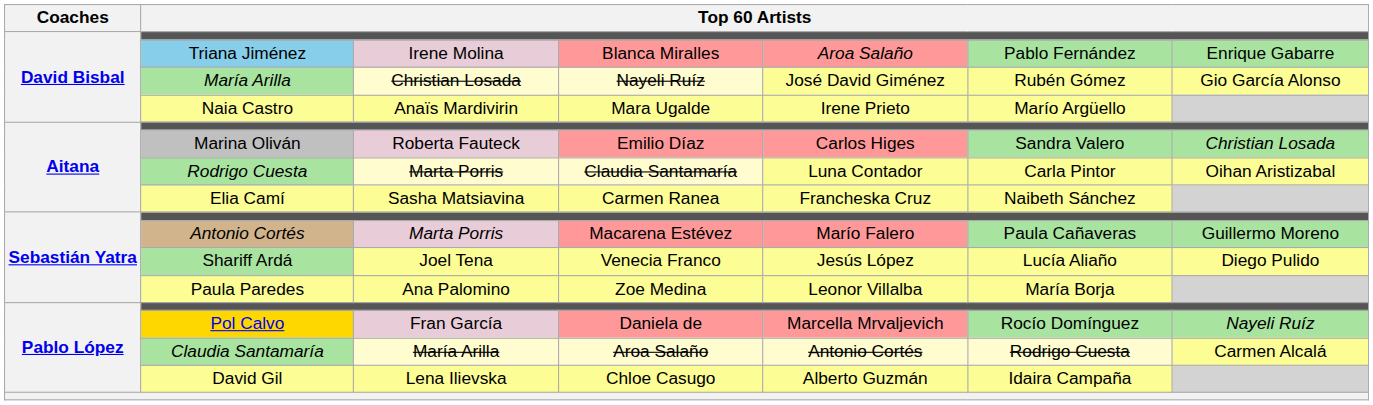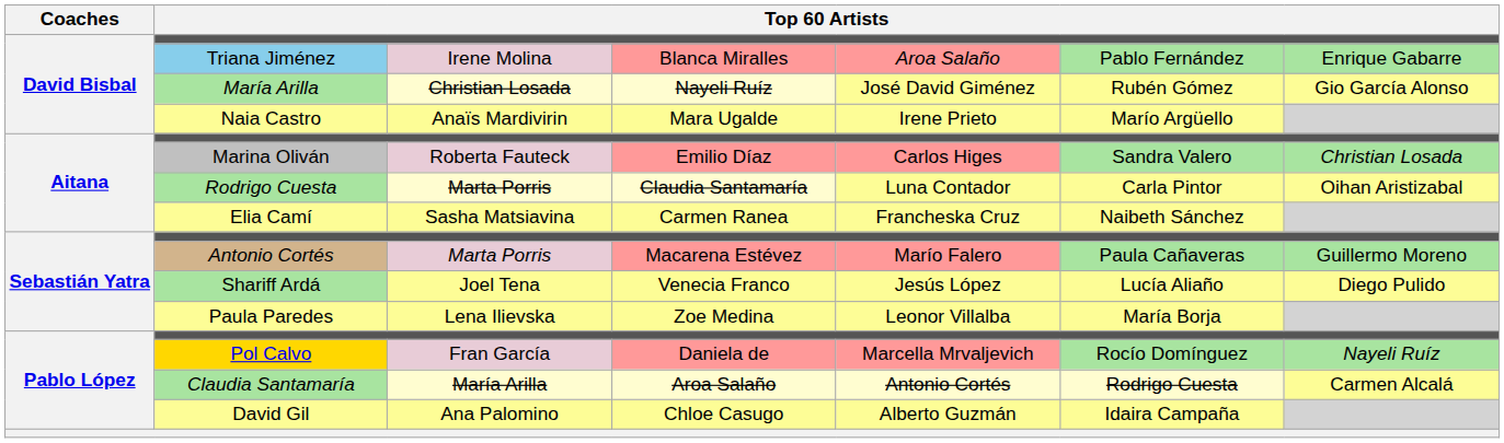 <table class="wikitable" style="text-align:center; width:100%;">
 <tr>
 <th scope="col" style="width:10%">Coaches</th>
 <th colspan="6" style="width:90%">Top 60 Artists</th>
 </tr>
 <tr>
 <th rowspan="4"><a href='#'>David Bisbal</a></th>
 <td colspan="6" style="background:#555"></td>
 </tr>
 <tr>
 <td style="background:skyblue">Triana Jiménez</td>
 <td style="background:#E8CCD7">Irene Molina</td>
 <td style="background:#FF9999">Blanca Miralles</td>
 <td style="background:#FF9999"><em>Aroa Salaño</em></td>
 <td style="background:#A8E4A0">Pablo Fernández</td>
 <td style="background:#A8E4A0">Enrique Gabarre</td>
 </tr>
 <tr>
 <td style="background:#A8E4A0"><em>María Arilla</em></td>
 <td style="background:#FFFDD0"><s>Christian Losada</s></td>
 <td style="background:#FFFDD0"><s>Nayeli Ruíz</s></td>
 <td style="background:#FDFD96">José David Giménez</td>
 <td style="background:#FDFD96">Rubén Gómez</td>
 <td style="background:#FDFD96">Gio García Alonso</td>
 </tr>
 <tr>
 <td style="background:#FDFD96">Naia Castro</td>
 <td style="width:15%; background:#FDFD96">Anaïs Mardivirin</td>
 <td style="width:15%; background:#FDFD96">Mara Ugalde</td>
 <td style="background:#FDFD96">Irene Prieto</td>
 <td style="background:#FDFD96">Marío Argüello</td>
 <td style="background:lightgrey"></td>
 </tr>
 <tr>
 <th rowspan="4"><a href='#'>Aitana</a></th>
 <td colspan="6" style="background:#555"></td>
 </tr>
 <tr>
 <td style="background:silver">Marina Oliván</td>
 <td style="background:#E8CCD7">Roberta Fauteck</td>
 <td style="background:#FF9999">Emilio Díaz</td>
 <td style="background:#FF9999">Carlos Higes</td>
 <td style="background:#A8E4A0">Sandra Valero</td>
 <td style="background:#A8E4A0"><em>Christian Losada</em></td>
 </tr>
 <tr>
 <td style="background:#A8E4A0"><em>Rodrigo Cuesta</em></td>
 <td style="background:#FFFDD0"><s>Marta Porris</s></td>
 <td style="background:#FFFDD0"><s>Claudia Santamaría</s></td>
 <td style="background:#FDFD96">Luna Contador</td>
 <td style="background:#FDFD96">Carla Pintor</td>
 <td style="background:#FDFD96">Oihan Aristizabal</td>
 </tr>
 <tr>
 <td style="background:#FDFD96">Elia Camí</td>
 <td style="background:#FDFD96">Sasha Matsiavina</td>
 <td style="background:#FDFD96">Carmen Ranea</td>
 <td style="width:15%; background:#FDFD96">Francheska Cruz</td>
 <td style="background:#FDFD96">Naibeth Sánchez</td>
 <td style="background:lightgrey"></td>
 </tr>
 <tr>
 <th rowspan="4"><a href='#'>Sebastián Yatra</a></th>
 <td colspan="6" style="background:#555"></td>
 </tr>
 <tr>
 <td style="background:tan"><em>Antonio Cortés</em></td>
 <td style="background:#E8CCD7"><em>Marta Porris</em></td>
 <td style="background:#FF9999">Macarena Estévez</td>
 <td style="background:#FF9999">Marío Falero</td>
 <td style="background:#A8E4A0">Paula Cañaveras</td>
 <td style="background:#A8E4A0">Guillermo Moreno</td>
 </tr>
 <tr>
 <td style="background:#A8E4A0">Shariff Ardá</td>
 <td style="background:#FDFD96">Joel Tena</td>
 <td style="background:#FDFD96">Venecia Franco</td>
 <td style="background:#FDFD96">Jesús López</td>
 <td style="background:#FDFD96">Lucía Aliaño</td>
 <td style="background:#FDFD96">Diego Pulido</td>
 </tr>
 <tr>
 <td style="background:#FDFD96">Paula Paredes</td>
-<td style="background:#FDFD96">Ana Palomino</td>
+<td style="background:#FDFD96">Lena Ilievska</td>
 <td style="background:#FDFD96">Zoe Medina</td>
 <td style="width:15%; background:#FDFD96">Leonor Villalba</td>
 <td style="width:15%; background:#FDFD96">María Borja</td>
 <td style="background:lightgrey"></td>
 </tr>
 <tr>
 <th rowspan="4"><a href='#'>Pablo López</a></th>
 <td colspan="6" style="background:#555"></td>
 </tr>
 <tr>
 <td style="background:gold"><a href='#'>Pol Calvo</a></td>
 <td style="background:#E8CCD7">Fran García</td>
 <td style="background:#FF9999">Daniela de </td>
 <td style="background:#FF9999">Marcella Mrvaljevich</td>
 <td style="background:#A8E4A0">Rocío Domínguez</td>
 <td style="background:#A8E4A0"><em>Nayeli Ruíz</em></td>
 </tr>
 <tr>
 <td style="background:#A8E4A0"><em>Claudia Santamaría</em></td>
 <td style="width:15%; background:#FFFDD0"><s>María Arilla</s></td>
 <td style="width:15%; background:#FFFDD0"><s>Aroa Salaño</s></td>
 <td style="background:#FFFDD0"><s>Antonio Cortés</s></td>
 <td style="width:15%; background:#FFFDD0"><s>Rodrigo Cuesta</s></td>
 <td style="background:#FDFD96">Carmen Alcalá</td>
 </tr>
 <tr>
 <td style="background:#FDFD96">David Gil</td>
-<td style="background:#FDFD96">Lena Ilievska</td>
+<td style="background:#FDFD96">Ana Palomino</td>
 <td style="background:#FDFD96">Chloe Casugo</td>
 <td style="width:15%; background:#FDFD96">Alberto Guzmán</td>
 <td style="background:#FDFD96">Idaira Campaña</td>
 <td style="background:lightgrey"></td>
 </tr>
 <tr>
 <th colspan="7" style="font-size:90%; line-height:12px"><small></small></th>
 </tr>
 </table>
